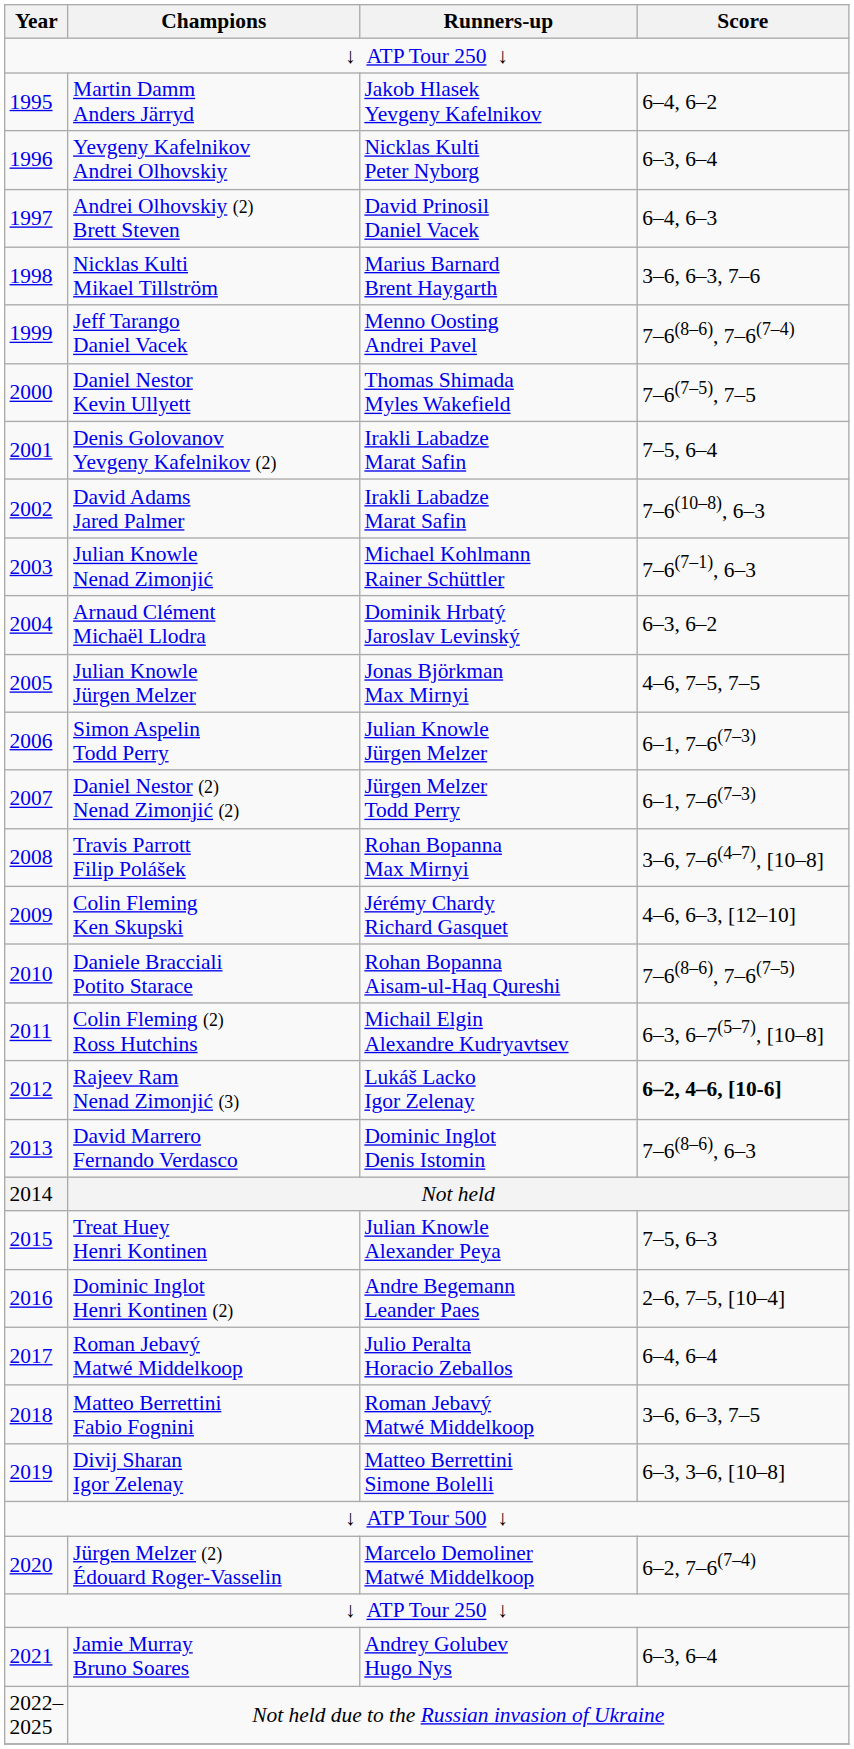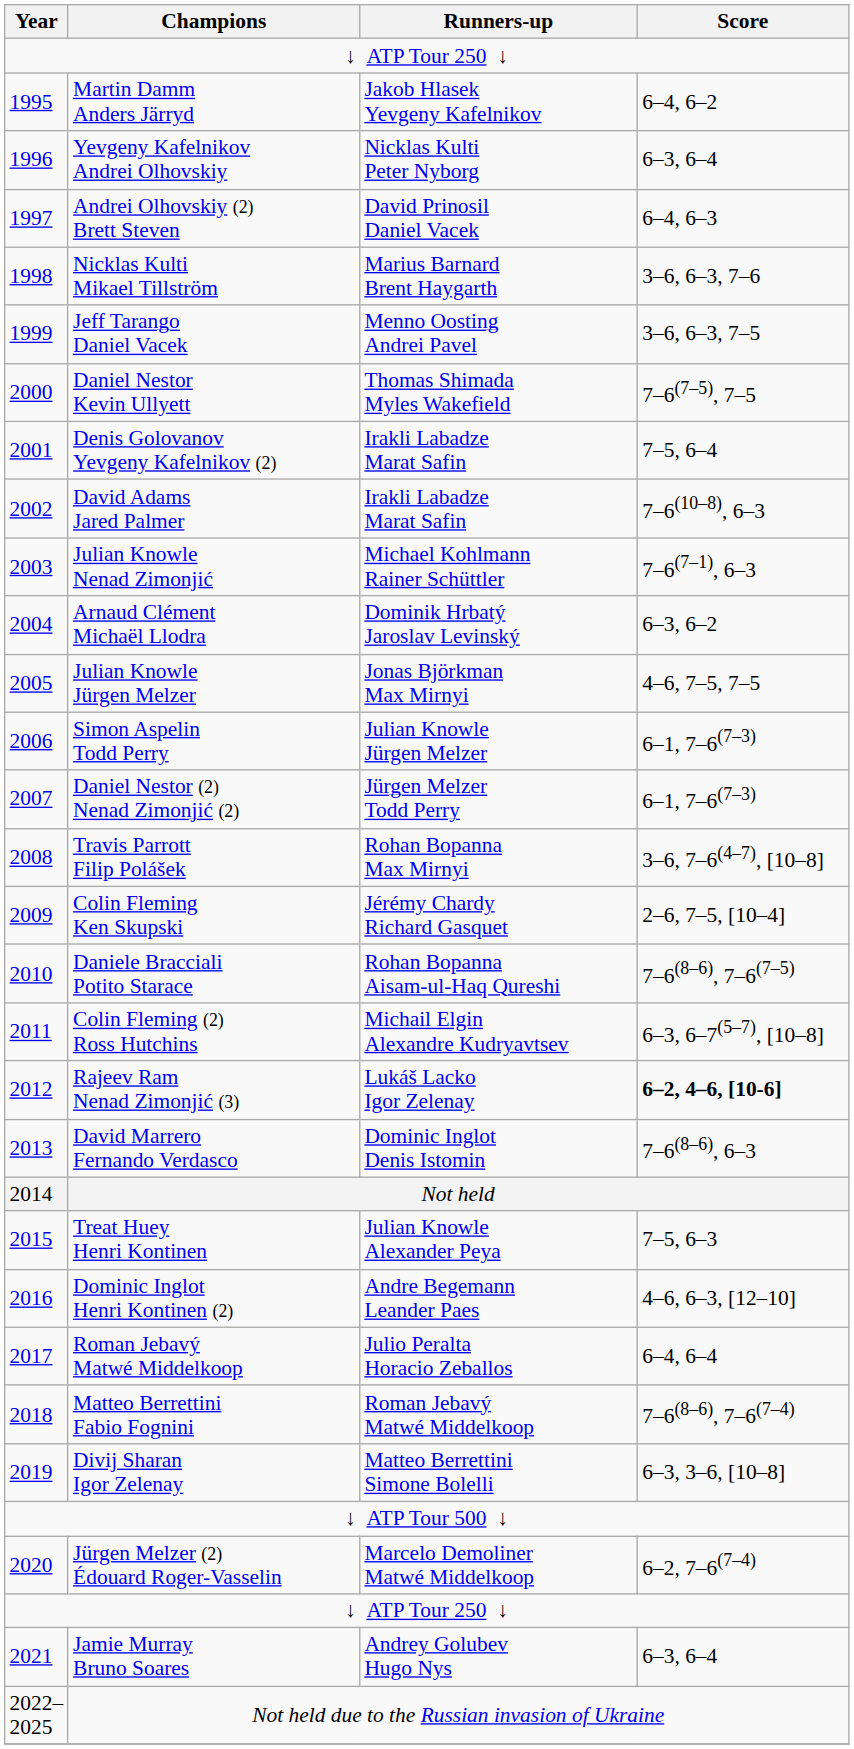 <table class="wikitable">
 <tr>
 <th>Year</th>
 <th width="210">Champions</th>
 <th width="200">Runners-up</th>
 <th width="150">Score</th>
 </tr>
 <tr>
 <td colspan=4 align=center>↓  <a href='#'>ATP Tour 250</a>  ↓</td>
 </tr>
 <tr>
 <td><a href='#'>1995</a></td>
 <td> <a href='#'>Martin Damm</a><br> <a href='#'>Anders Järryd</a></td>
 <td> <a href='#'>Jakob Hlasek</a><br> <a href='#'>Yevgeny Kafelnikov</a></td>
 <td>6–4, 6–2</td>
 </tr>
 <tr>
 <td><a href='#'>1996</a></td>
 <td> <a href='#'>Yevgeny Kafelnikov</a><br> <a href='#'>Andrei Olhovskiy</a></td>
 <td> <a href='#'>Nicklas Kulti</a><br> <a href='#'>Peter Nyborg</a></td>
 <td>6–3, 6–4</td>
 </tr>
 <tr>
 <td><a href='#'>1997</a></td>
 <td> <a href='#'>Andrei Olhovskiy</a> <small>(2)</small><br> <a href='#'>Brett Steven</a></td>
 <td> <a href='#'>David Prinosil</a><br> <a href='#'>Daniel Vacek</a></td>
 <td>6–4, 6–3</td>
 </tr>
 <tr>
 <td><a href='#'>1998</a></td>
 <td> <a href='#'>Nicklas Kulti</a><br> <a href='#'>Mikael Tillström</a></td>
 <td> <a href='#'>Marius Barnard</a><br> <a href='#'>Brent Haygarth</a></td>
 <td>3–6, 6–3, 7–6</td>
 </tr>
 <tr>
 <td><a href='#'>1999</a></td>
 <td> <a href='#'>Jeff Tarango</a><br> <a href='#'>Daniel Vacek</a></td>
 <td> <a href='#'>Menno Oosting</a><br> <a href='#'>Andrei Pavel</a></td>
-<td>7–6<sup>(8–6)</sup>, 7–6<sup>(7–4)</sup></td>
+<td>3–6, 6–3, 7–5</td>
 </tr>
 <tr>
 <td><a href='#'>2000</a></td>
 <td> <a href='#'>Daniel Nestor</a><br>  <a href='#'>Kevin Ullyett</a></td>
 <td> <a href='#'>Thomas Shimada</a><br> <a href='#'>Myles Wakefield</a></td>
 <td>7–6<sup>(7–5)</sup>, 7–5</td>
 </tr>
 <tr>
 <td><a href='#'>2001</a></td>
 <td> <a href='#'>Denis Golovanov</a><br> <a href='#'>Yevgeny Kafelnikov</a> <small>(2)</small></td>
 <td> <a href='#'>Irakli Labadze</a><br> <a href='#'>Marat Safin</a></td>
 <td>7–5, 6–4</td>
 </tr>
 <tr>
 <td><a href='#'>2002</a></td>
 <td> <a href='#'>David Adams</a><br> <a href='#'>Jared Palmer</a></td>
 <td> <a href='#'>Irakli Labadze</a><br> <a href='#'>Marat Safin</a></td>
 <td>7–6<sup>(10–8)</sup>, 6–3</td>
 </tr>
 <tr>
 <td><a href='#'>2003</a></td>
 <td> <a href='#'>Julian Knowle</a><br> <a href='#'>Nenad Zimonjić</a></td>
 <td> <a href='#'>Michael Kohlmann</a><br> <a href='#'>Rainer Schüttler</a></td>
 <td>7–6<sup>(7–1)</sup>, 6–3</td>
 </tr>
 <tr>
 <td><a href='#'>2004</a></td>
 <td> <a href='#'>Arnaud Clément</a><br> <a href='#'>Michaël Llodra</a></td>
 <td> <a href='#'>Dominik Hrbatý</a><br> <a href='#'>Jaroslav Levinský</a></td>
 <td>6–3, 6–2</td>
 </tr>
 <tr>
 <td><a href='#'>2005</a></td>
 <td> <a href='#'>Julian Knowle</a><br>  <a href='#'>Jürgen Melzer</a></td>
 <td> <a href='#'>Jonas Björkman</a><br> <a href='#'>Max Mirnyi</a></td>
 <td>4–6, 7–5, 7–5</td>
 </tr>
 <tr>
 <td><a href='#'>2006</a></td>
 <td> <a href='#'>Simon Aspelin</a><br> <a href='#'>Todd Perry</a></td>
 <td> <a href='#'>Julian Knowle</a><br> <a href='#'>Jürgen Melzer</a></td>
 <td>6–1, 7–6<sup>(7–3)</sup></td>
 </tr>
 <tr>
 <td><a href='#'>2007</a></td>
 <td> <a href='#'>Daniel Nestor</a> <small>(2)</small><br> <a href='#'>Nenad Zimonjić</a> <small>(2)</small></td>
 <td> <a href='#'>Jürgen Melzer</a><br> <a href='#'>Todd Perry</a></td>
 <td>6–1, 7–6<sup>(7–3)</sup></td>
 </tr>
 <tr>
 <td><a href='#'>2008</a></td>
 <td> <a href='#'>Travis Parrott</a><br> <a href='#'>Filip Polášek</a></td>
 <td> <a href='#'>Rohan Bopanna</a><br> <a href='#'>Max Mirnyi</a></td>
 <td>3–6, 7–6<sup>(4–7)</sup>, [10–8]</td>
 </tr>
 <tr>
 <td><a href='#'>2009</a></td>
 <td> <a href='#'>Colin Fleming</a> <br> <a href='#'>Ken Skupski</a></td>
 <td> <a href='#'>Jérémy Chardy</a> <br> <a href='#'>Richard Gasquet</a></td>
-<td>4–6, 6–3, [12–10]</td>
+<td>2–6, 7–5, [10–4]</td>
 </tr>
 <tr>
 <td><a href='#'>2010</a></td>
 <td> <a href='#'>Daniele Bracciali</a> <br> <a href='#'>Potito Starace</a></td>
 <td> <a href='#'>Rohan Bopanna</a> <br> <a href='#'>Aisam-ul-Haq Qureshi</a></td>
 <td>7–6<sup>(8–6)</sup>, 7–6<sup>(7–5)</sup></td>
 </tr>
 <tr>
 <td><a href='#'>2011</a></td>
 <td> <a href='#'>Colin Fleming</a> <small>(2)</small><br> <a href='#'>Ross Hutchins</a></td>
 <td> <a href='#'>Michail Elgin</a> <br> <a href='#'>Alexandre Kudryavtsev</a></td>
 <td>6–3, 6–7<sup>(5–7)</sup>, [10–8]</td>
 </tr>
 <tr>
 <td><a href='#'>2012</a></td>
 <td> <a href='#'>Rajeev Ram</a> <br> <a href='#'>Nenad Zimonjić</a> <small>(3)</small></td>
 <td> <a href='#'>Lukáš Lacko</a> <br> <a href='#'>Igor Zelenay</a></td>
 <td><strong>6–2, 4–6, [10-6]</strong></td>
 </tr>
 <tr>
 <td><a href='#'>2013</a></td>
 <td> <a href='#'>David Marrero</a> <br> <a href='#'>Fernando Verdasco</a></td>
 <td> <a href='#'>Dominic Inglot</a> <br> <a href='#'>Denis Istomin</a></td>
 <td>7–6<sup>(8–6)</sup>, 6–3</td>
 </tr>
 <tr bgcolor="#f3f3f3">
 <td>2014</td>
 <td rowspan="1" colspan="3" align="center"><em>Not held</em></td>
 </tr>
 <tr>
 <td><a href='#'>2015</a></td>
 <td> <a href='#'>Treat Huey</a> <br> <a href='#'>Henri Kontinen</a></td>
 <td> <a href='#'>Julian Knowle</a> <br> <a href='#'>Alexander Peya</a></td>
 <td>7–5, 6–3</td>
 </tr>
 <tr>
 <td><a href='#'>2016</a></td>
 <td> <a href='#'>Dominic Inglot</a> <br> <a href='#'>Henri Kontinen</a> <small>(2)</small></td>
 <td> <a href='#'>Andre Begemann</a> <br> <a href='#'>Leander Paes</a></td>
-<td>2–6, 7–5, [10–4]</td>
+<td>4–6, 6–3, [12–10]</td>
 </tr>
 <tr>
 <td><a href='#'>2017</a></td>
 <td> <a href='#'>Roman Jebavý</a><br> <a href='#'>Matwé Middelkoop</a></td>
 <td> <a href='#'>Julio Peralta</a><br> <a href='#'>Horacio Zeballos</a></td>
 <td>6–4, 6–4</td>
 </tr>
 <tr>
 <td><a href='#'>2018</a></td>
 <td> <a href='#'>Matteo Berrettini</a><br> <a href='#'>Fabio Fognini</a></td>
 <td> <a href='#'>Roman Jebavý</a><br> <a href='#'>Matwé Middelkoop</a></td>
-<td>3–6, 6–3, 7–5</td>
+<td>7–6<sup>(8–6)</sup>, 7–6<sup>(7–4)</sup></td>
 </tr>
 <tr>
 <td><a href='#'>2019</a></td>
 <td> <a href='#'>Divij Sharan</a><br> <a href='#'>Igor Zelenay</a></td>
 <td> <a href='#'>Matteo Berrettini</a><br> <a href='#'>Simone Bolelli</a></td>
 <td>6–3, 3–6, [10–8]</td>
 </tr>
 <tr>
 <td colspan=4 align=center>↓  <a href='#'>ATP Tour 500</a>  ↓</td>
 </tr>
 <tr>
 <td><a href='#'>2020</a></td>
 <td> <a href='#'>Jürgen Melzer</a> <small>(2)</small><br> <a href='#'>Édouard Roger-Vasselin</a></td>
 <td> <a href='#'>Marcelo Demoliner</a><br> <a href='#'>Matwé Middelkoop</a></td>
 <td>6–2, 7–6<sup>(7–4)</sup></td>
 </tr>
 <tr>
 <td colspan=4 align=center>↓  <a href='#'>ATP Tour 250</a>  ↓</td>
 </tr>
 <tr>
 <td><a href='#'>2021</a></td>
 <td> <a href='#'>Jamie Murray</a><br> <a href='#'>Bruno Soares</a></td>
 <td> <a href='#'>Andrey Golubev</a><br> <a href='#'>Hugo Nys</a></td>
 <td>6–3, 6–4</td>
 </tr>
 <tr>
 <td>2022–<br>2025</td>
 <td colspan=3 align=center><em>Not held due to the <a href='#'>Russian invasion of Ukraine</a></em></td>
 </tr>
 <tr>
 </tr>
 </table>
